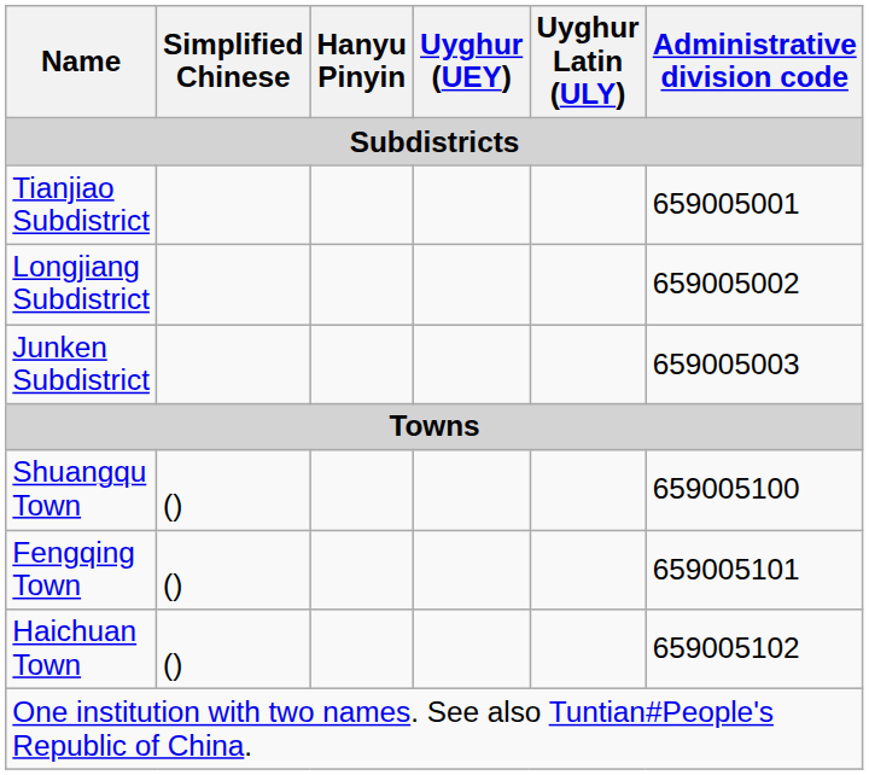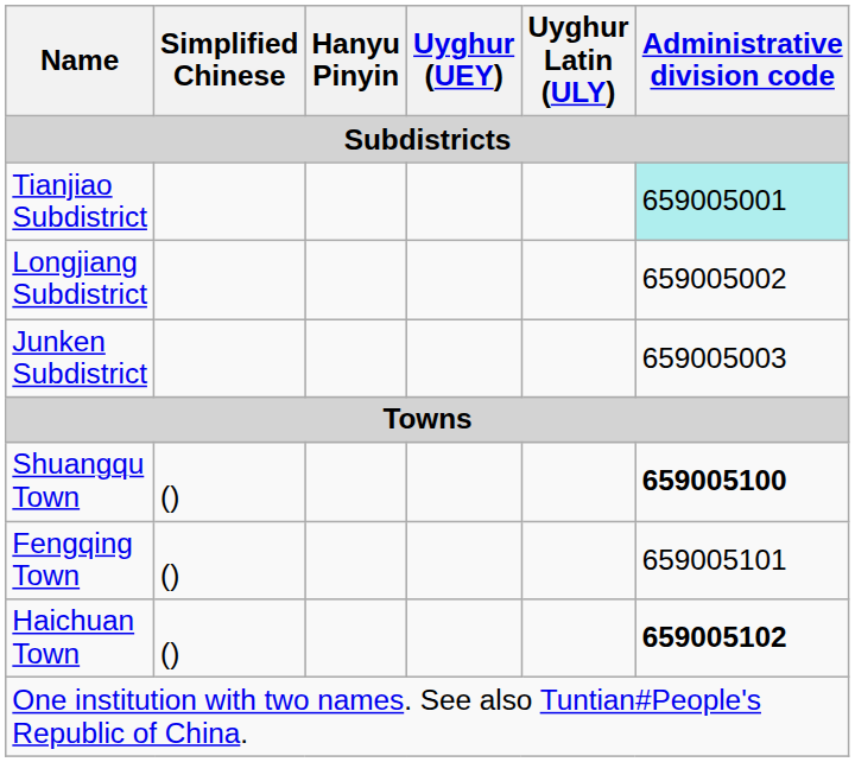 <table class="wikitable" align="center" style="width:50%; border="1">
 <tr>
 <th>Name</th>
 <th>Simplified Chinese</th>
 <th>Hanyu Pinyin</th>
 <th><a href='#'>Uyghur</a> (<a href='#'>UEY</a>)</th>
 <th>Uyghur Latin (<a href='#'>ULY</a>)</th>
 <th><a href='#'>Administrative division code</a></th>
 </tr>
 <tr --------->
 <td colspan="7"  style="text-align:center; background:#d3d3d3;"><strong>Subdistricts</strong></td>
 </tr>
 <tr --------->
 <td><a href='#'>Tianjiao Subdistrict</a></td>
 <td></td>
 <td></td>
 <td></td>
 <td></td>
-<td>659005001</td>
+<td style="background: paleturquoise;">659005001</td>
 </tr>
 <tr>
 <td><a href='#'>Longjiang Subdistrict</a></td>
 <td></td>
 <td></td>
 <td></td>
 <td></td>
 <td>659005002</td>
 </tr>
 <tr>
 <td><a href='#'>Junken Subdistrict</a></td>
 <td></td>
 <td></td>
 <td></td>
 <td></td>
 <td>659005003</td>
 </tr>
 <tr --------->
 <td colspan="7"  style="text-align:center; background:#d3d3d3;"><strong>Towns</strong></td>
 </tr>
 <tr>
 <td><a href='#'>Shuangqu Town</a><br></td>
 <td><br>()</td>
 <td></td>
 <td></td>
 <td></td>
-<td>659005100</td>
+<td><strong>659005100</strong></td>
 </tr>
 <tr>
 <td><a href='#'>Fengqing Town</a><br></td>
 <td><br>()</td>
 <td></td>
 <td></td>
 <td></td>
 <td>659005101</td>
 </tr>
 <tr>
 <td><a href='#'>Haichuan Town</a><br></td>
 <td><br>()</td>
 <td></td>
 <td></td>
 <td></td>
-<td>659005102</td>
+<td><strong>659005102</strong></td>
 </tr>
 <tr --------->
 <td colspan="7"><div> <a href='#'>One institution with two names</a>. See also <a href='#'>Tuntian#People's Republic of China</a>.<br></div></td>
 </tr>
 </table>
